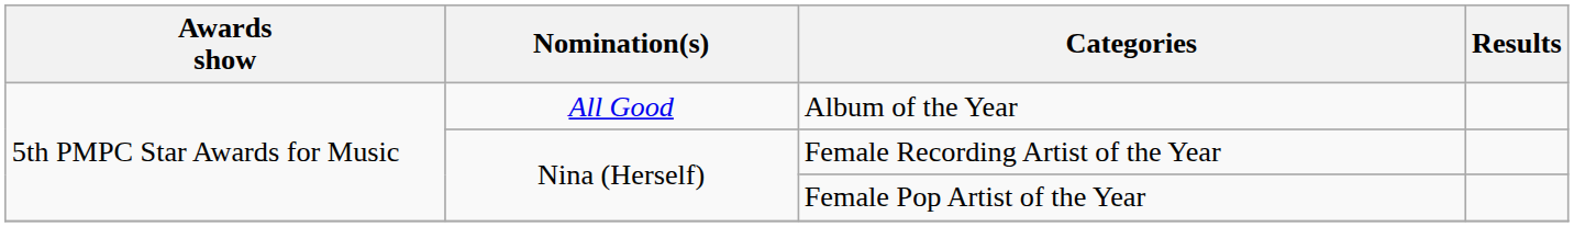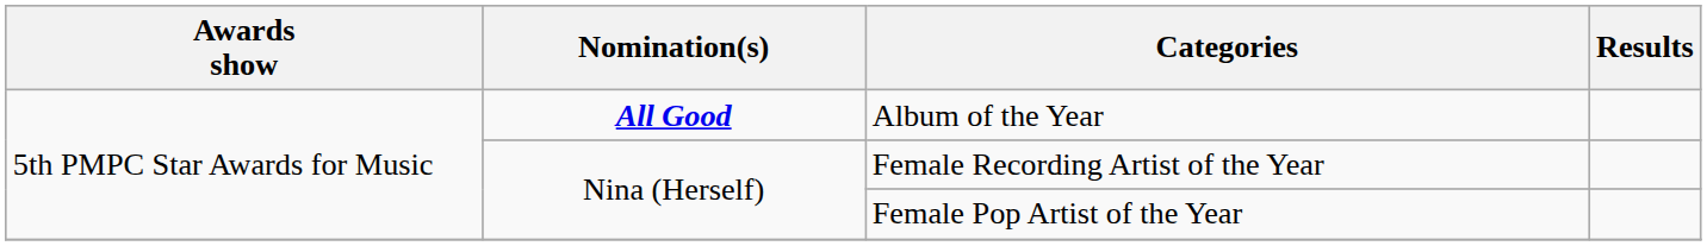 <table class="wikitable">
 <tr>
 <th width="260">Awards<br>show</th>
 <th width="200">Nomination(s)</th>
 <th width="400">Categories</th>
 <th>Results</th>
 </tr>
 <tr>
 <td rowspan="3">5th PMPC Star Awards for Music</td>
-<td align="center"><em><a href='#'>All Good</a></em></td>
+<td align="center"><strong><em><a href='#'>All Good</a></em></strong></td>
 <td>Album of the Year</td>
 <td></td>
 </tr>
 <tr>
 <td align="center" rowspan="2">Nina (Herself)</td>
 <td>Female Recording Artist of the Year</td>
 <td></td>
 </tr>
 <tr>
 <td>Female Pop Artist of the Year</td>
 <td></td>
 </tr>
 <tr>
 </tr>
 </table>
